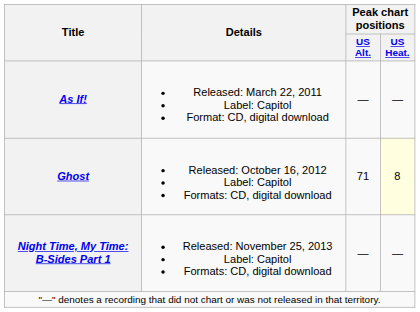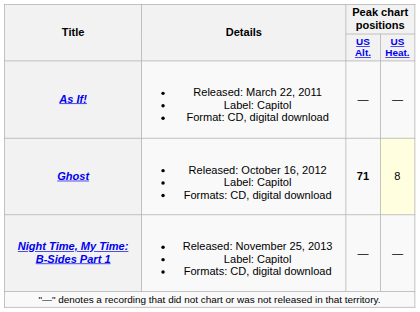 <table class="wikitable plainrowheaders" style="text-align:center;">
 <tr>
 <th scope="col" rowspan="2" style="width:12em;">Title</th>
 <th scope="col" rowspan="2" style="width:18em;">Details</th>
 <th scope="col" colspan="3">Peak chart positions</th>
 </tr>
 <tr>
 <th scope="col" style="width:3em;font-size:90%;"><a href='#'>US<br>Alt.</a><br></th>
 <th scope="col" style="width:3em;font-size:90%;"><a href='#'>US<br>Heat.</a><br></th>
 </tr>
 <tr>
 <th scope="row"><em><a href='#'>As If!</a></em></th>
 <td><br><ul><li>Released: March 22, 2011</li><li>Label: Capitol</li><li>Format: CD, digital download</li></ul></td>
 <td>—</td>
 <td>—</td>
 </tr>
 <tr>
 <th scope="row"><em><a href='#'>Ghost</a></em></th>
 <td><br><ul><li>Released: October 16, 2012</li><li>Label: Capitol</li><li>Formats: CD, digital download</li></ul></td>
-<td>71</td>
+<td><strong>71</strong></td>
 <td style="background: lightyellow;">8</td>
 </tr>
 <tr>
 <th scope="row"><em><a href='#'>Night Time, My Time:<br>B-Sides Part 1</a></em></th>
 <td><br><ul><li>Released: November 25, 2013</li><li>Label: Capitol</li><li>Formats: CD, digital download</li></ul></td>
 <td>—</td>
 <td>—</td>
 </tr>
 <tr>
 <td colspan="4" style="font-size:90%">"—" denotes a recording that did not chart or was not released in that territory.</td>
 </tr>
 </table>
